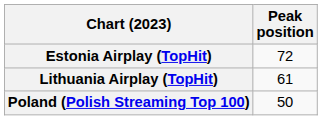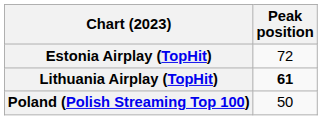 <table class="wikitable sortable plainrowheaders" style="text-align:center">
 <tr>
 <th scope="col">Chart (2023)</th>
 <th scope="col">Peak<br>position</th>
 </tr>
 <tr>
 <th scope="row">Estonia Airplay (<a href='#'>TopHit</a>)</th>
 <td>72</td>
 </tr>
 <tr>
 <th scope="row">Lithuania Airplay (<a href='#'>TopHit</a>)</th>
-<td>61</td>
+<td><strong>61</strong></td>
 </tr>
 <tr>
 <th scope="row">Poland (<a href='#'>Polish Streaming Top 100</a>)</th>
 <td>50</td>
 </tr>
 </table>
